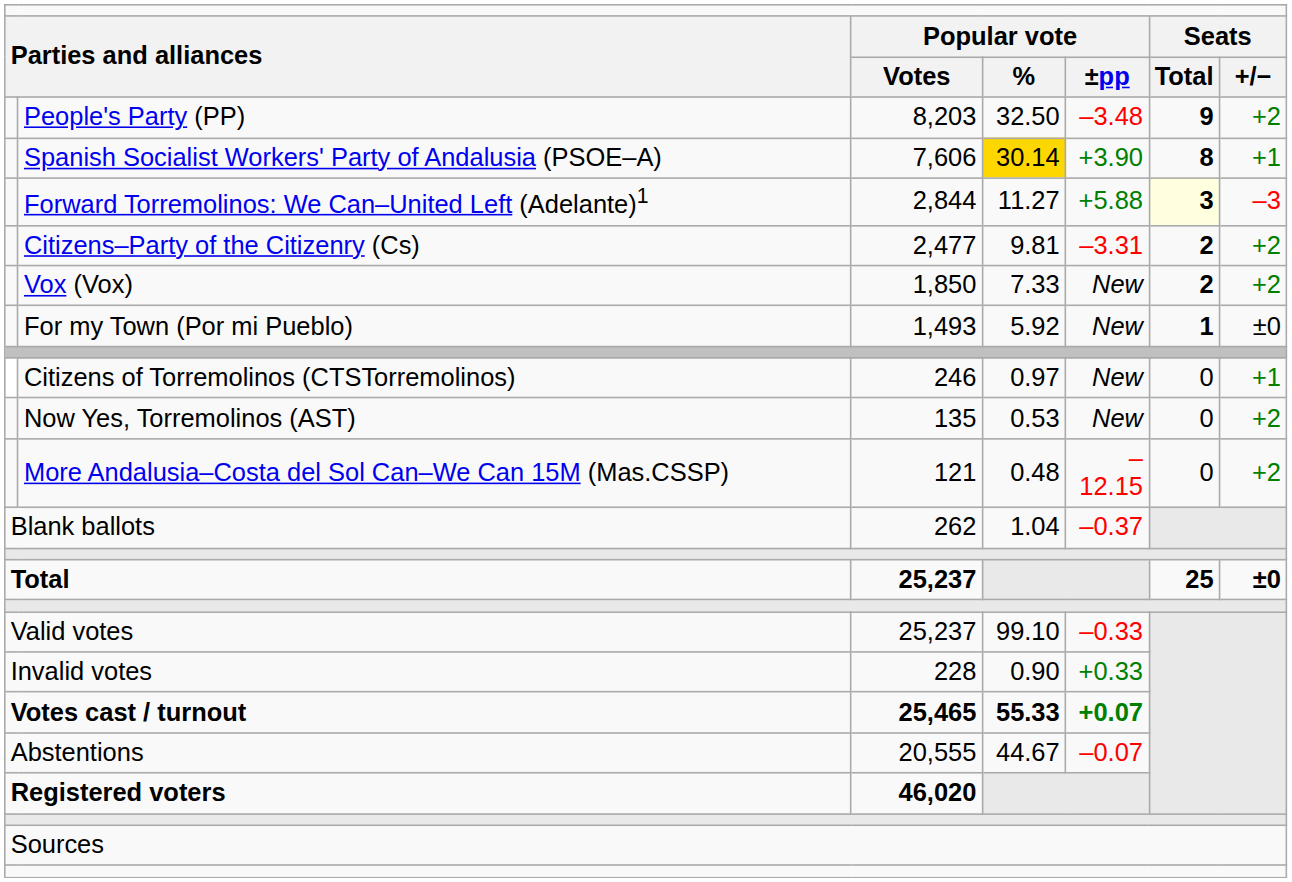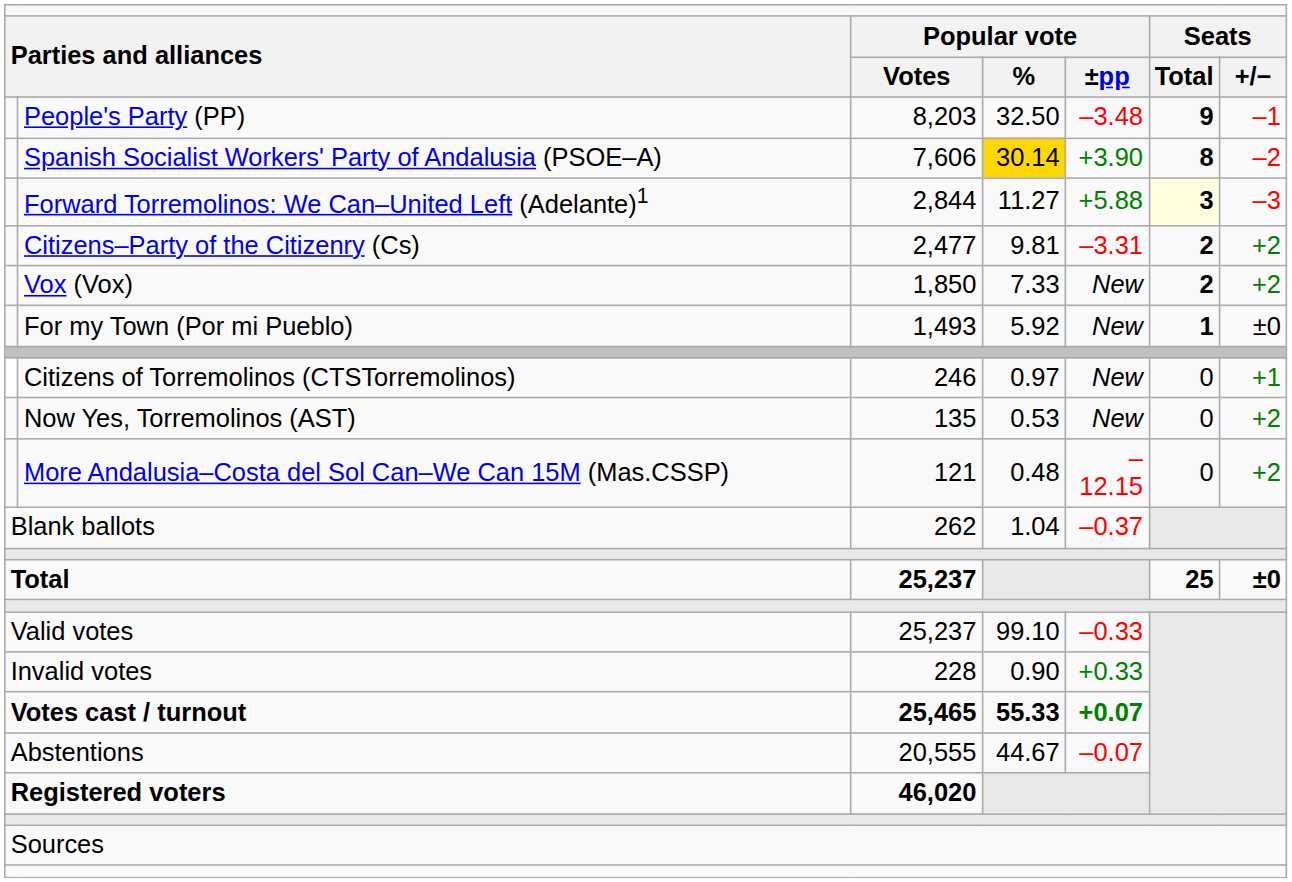 <table class="wikitable" style="text-align:right;">
 <tr>
 <td colspan="7"></td>
 </tr>
 <tr>
 <th style="text-align:left;" rowspan="2" colspan="2" width="525">Parties and alliances</th>
 <th colspan="3">Popular vote</th>
 <th colspan="2">Seats</th>
 </tr>
 <tr>
 <th width="75">Votes</th>
 <th width="45">%</th>
 <th width="45">±<a href='#'>pp</a></th>
 <th width="35">Total</th>
 <th width="35">+/−</th>
 </tr>
 <tr>
 <td width="1" style="color:inherit;background:"></td>
 <td align="left"><a href='#'>People's Party</a> (PP)</td>
 <td>8,203</td>
 <td>32.50</td>
 <td style="color:red;">–3.48</td>
 <td><strong>9</strong></td>
-<td style="color:green;">+2</td>
+<td style="color:red;">–1</td>
 </tr>
 <tr>
 <td style="color:inherit;background:"></td>
 <td align="left"><a href='#'>Spanish Socialist Workers' Party of Andalusia</a> (PSOE–A)</td>
 <td>7,606</td>
 <td style="background: gold;">30.14</td>
 <td style="color:green;">+3.90</td>
 <td><strong>8</strong></td>
-<td style="color:green;">+1</td>
+<td style="color:red;">–2</td>
 </tr>
 <tr>
 <td style="color:inherit;background:"></td>
 <td align="left"><a href='#'>Forward Torremolinos: We Can–United Left</a> (Adelante)<sup>1</sup></td>
 <td>2,844</td>
 <td>11.27</td>
 <td style="color:green;">+5.88</td>
 <td style="background: lightyellow;"><strong>3</strong></td>
 <td style="color:red;">–3</td>
 </tr>
 <tr>
 <td style="color:inherit;background:"></td>
 <td align="left"><a href='#'>Citizens–Party of the Citizenry</a> (Cs)</td>
 <td>2,477</td>
 <td>9.81</td>
 <td style="color:red;">–3.31</td>
 <td><strong>2</strong></td>
 <td style="color:green;">+2</td>
 </tr>
 <tr>
 <td style="color:inherit;background:"></td>
 <td align="left"><a href='#'>Vox</a> (Vox)</td>
 <td>1,850</td>
 <td>7.33</td>
 <td><em>New</em></td>
 <td><strong>2</strong></td>
 <td style="color:green;">+2</td>
 </tr>
 <tr>
 <td style="color:inherit;background:"></td>
 <td align="left">For my Town (Por mi Pueblo)</td>
 <td>1,493</td>
 <td>5.92</td>
 <td><em>New</em></td>
 <td><strong>1</strong></td>
 <td>±0</td>
 </tr>
 <tr>
 <td colspan="7" bgcolor="#C0C0C0"></td>
 </tr>
 <tr>
 <td bgcolor="white"></td>
 <td align="left">Citizens of Torremolinos (CTSTorremolinos)</td>
 <td>246</td>
 <td>0.97</td>
 <td><em>New</em></td>
 <td>0</td>
 <td style="color:green;">+1</td>
 </tr>
 <tr>
 <td style="color:inherit;background:"></td>
 <td align="left">Now Yes, Torremolinos (AST)</td>
 <td>135</td>
 <td>0.53</td>
 <td><em>New</em></td>
 <td>0</td>
 <td style="color:green;">+2</td>
 </tr>
 <tr>
 <td style="color:inherit;background:"></td>
 <td align="left"><a href='#'>More Andalusia–Costa del Sol Can–We Can 15M</a> (Mas.CSSP)</td>
 <td>121</td>
 <td>0.48</td>
 <td style="color:red;">–12.15</td>
 <td>0</td>
 <td style="color:green;">+2</td>
 </tr>
 <tr>
 <td align="left" colspan="2">Blank ballots</td>
 <td>262</td>
 <td>1.04</td>
 <td style="color:red;">–0.37</td>
 <td bgcolor="#E9E9E9" colspan="2"></td>
 </tr>
 <tr>
 <td colspan="7" bgcolor="#E9E9E9"></td>
 </tr>
 <tr style="font-weight:bold;">
 <td align="left" colspan="2">Total</td>
 <td>25,237</td>
 <td bgcolor="#E9E9E9" colspan="2"></td>
 <td>25</td>
 <td>±0</td>
 </tr>
 <tr>
 <td colspan="7" bgcolor="#E9E9E9"></td>
 </tr>
 <tr>
 <td align="left" colspan="2">Valid votes</td>
 <td>25,237</td>
 <td>99.10</td>
 <td style="color:red;">–0.33</td>
 <td bgcolor="#E9E9E9" colspan="2" rowspan="5"></td>
 </tr>
 <tr>
 <td align="left" colspan="2">Invalid votes</td>
 <td>228</td>
 <td>0.90</td>
 <td style="color:green;">+0.33</td>
 </tr>
 <tr style="font-weight:bold;">
 <td align="left" colspan="2">Votes cast / turnout</td>
 <td>25,465</td>
 <td>55.33</td>
 <td style="color:green;">+0.07</td>
 </tr>
 <tr>
 <td align="left" colspan="2">Abstentions</td>
 <td>20,555</td>
 <td>44.67</td>
 <td style="color:red;">–0.07</td>
 </tr>
 <tr style="font-weight:bold;">
 <td align="left" colspan="2">Registered voters</td>
 <td>46,020</td>
 <td bgcolor="#E9E9E9" colspan="2"></td>
 </tr>
 <tr>
 <td colspan="7" bgcolor="#E9E9E9"></td>
 </tr>
 <tr>
 <td align="left" colspan="7">Sources</td>
 </tr>
 <tr>
 <td colspan="7" style="text-align:left; max-width:790px;"></td>
 </tr>
 </table>
